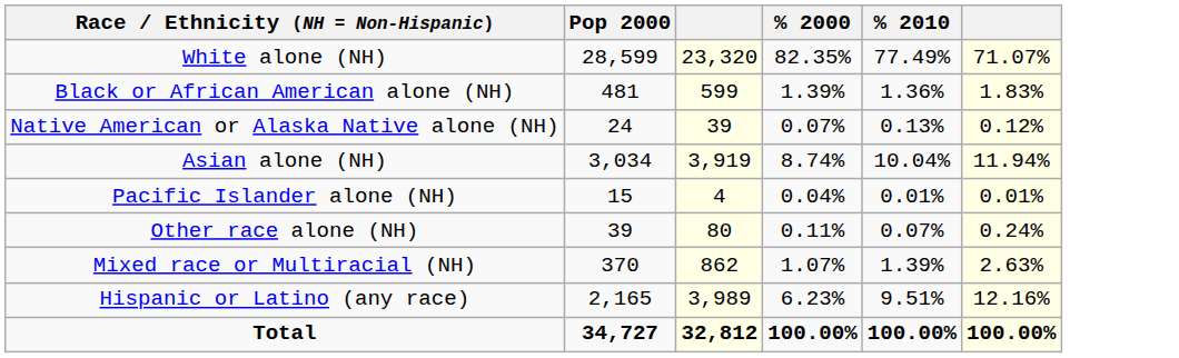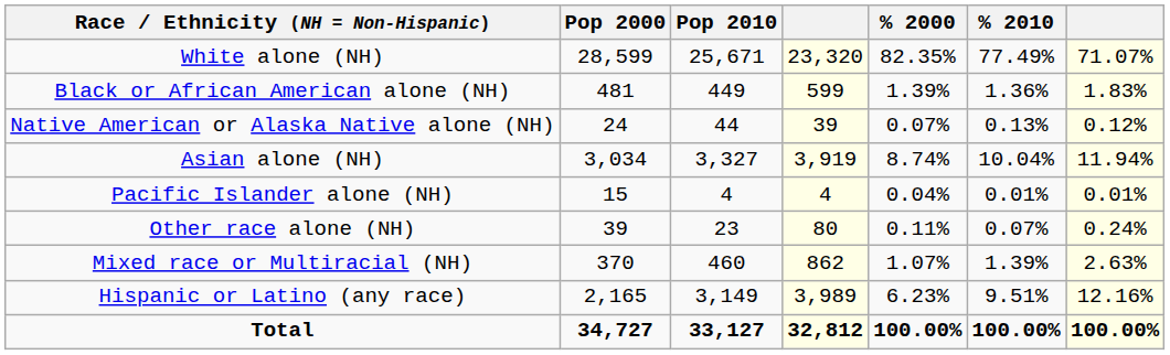 <table class="wikitable" style="text-align:center;">
 <tr>
 <th>Race / Ethnicity <small>(<em>NH = Non-Hispanic</em>)</small></th>
 <th>Pop 2000</th>
+<th>Pop 2010</th>
 <th></th>
 <th>% 2000</th>
 <th>% 2010</th>
 <th></th>
 </tr>
 <tr>
 <td><a href='#'>White</a> alone (NH)</td>
 <td>28,599</td>
+<td>25,671</td>
 <td style='background: #ffffe6;'>23,320</td>
 <td>82.35%</td>
 <td>77.49%</td>
 <td style='background: #ffffe6;'>71.07%</td>
 </tr>
 <tr>
 <td><a href='#'>Black or African American</a> alone (NH)</td>
 <td>481</td>
+<td>449</td>
 <td style='background: #ffffe6;'>599</td>
 <td>1.39%</td>
 <td>1.36%</td>
 <td style='background: #ffffe6;'>1.83%</td>
 </tr>
 <tr>
 <td><a href='#'>Native American</a> or <a href='#'>Alaska Native</a> alone (NH)</td>
 <td>24</td>
+<td>44</td>
 <td style='background: #ffffe6;'>39</td>
 <td>0.07%</td>
 <td>0.13%</td>
 <td style='background: #ffffe6;'>0.12%</td>
 </tr>
 <tr>
 <td><a href='#'>Asian</a> alone (NH)</td>
 <td>3,034</td>
+<td>3,327</td>
 <td style='background: #ffffe6;'>3,919</td>
 <td>8.74%</td>
 <td>10.04%</td>
 <td style='background: #ffffe6;'>11.94%</td>
 </tr>
 <tr>
 <td><a href='#'>Pacific Islander</a> alone (NH)</td>
 <td>15</td>
+<td>4</td>
 <td style='background: #ffffe6;'>4</td>
 <td>0.04%</td>
 <td>0.01%</td>
 <td style='background: #ffffe6;'>0.01%</td>
 </tr>
 <tr>
 <td><a href='#'>Other race</a> alone (NH)</td>
 <td>39</td>
+<td>23</td>
 <td style='background: #ffffe6;'>80</td>
 <td>0.11%</td>
 <td>0.07%</td>
 <td style='background: #ffffe6;'>0.24%</td>
 </tr>
 <tr>
 <td><a href='#'>Mixed race or Multiracial</a> (NH)</td>
 <td>370</td>
+<td>460</td>
 <td style='background: #ffffe6;'>862</td>
 <td>1.07%</td>
 <td>1.39%</td>
 <td style='background: #ffffe6;'>2.63%</td>
 </tr>
 <tr>
 <td><a href='#'>Hispanic or Latino</a> (any race)</td>
 <td>2,165</td>
+<td>3,149</td>
 <td style='background: #ffffe6;'>3,989</td>
 <td>6.23%</td>
 <td>9.51%</td>
 <td style='background: #ffffe6;'>12.16%</td>
 </tr>
 <tr>
 <td><strong>Total</strong></td>
 <td><strong>34,727</strong></td>
+<td><strong>33,127</strong></td>
 <td style='background: #ffffe6;'><strong>32,812</strong></td>
 <td><strong>100.00%</strong></td>
 <td><strong>100.00%</strong></td>
 <td style='background: #ffffe6;'><strong>100.00%</strong></td>
 </tr>
 </table>
